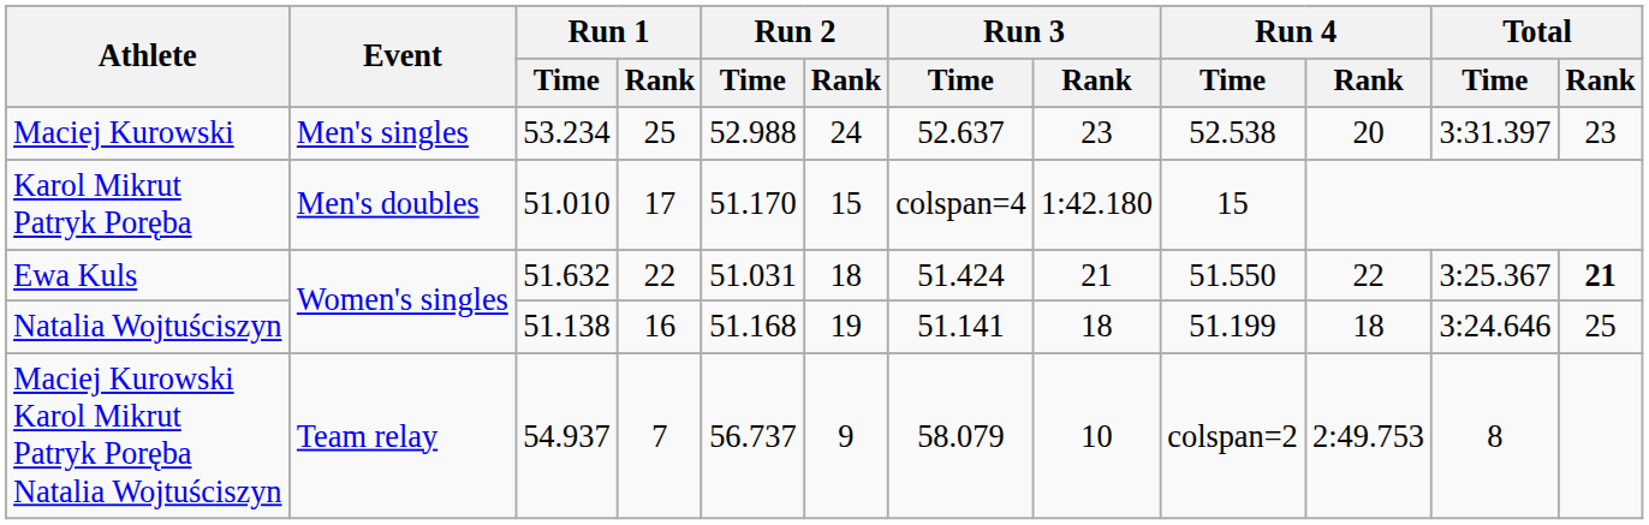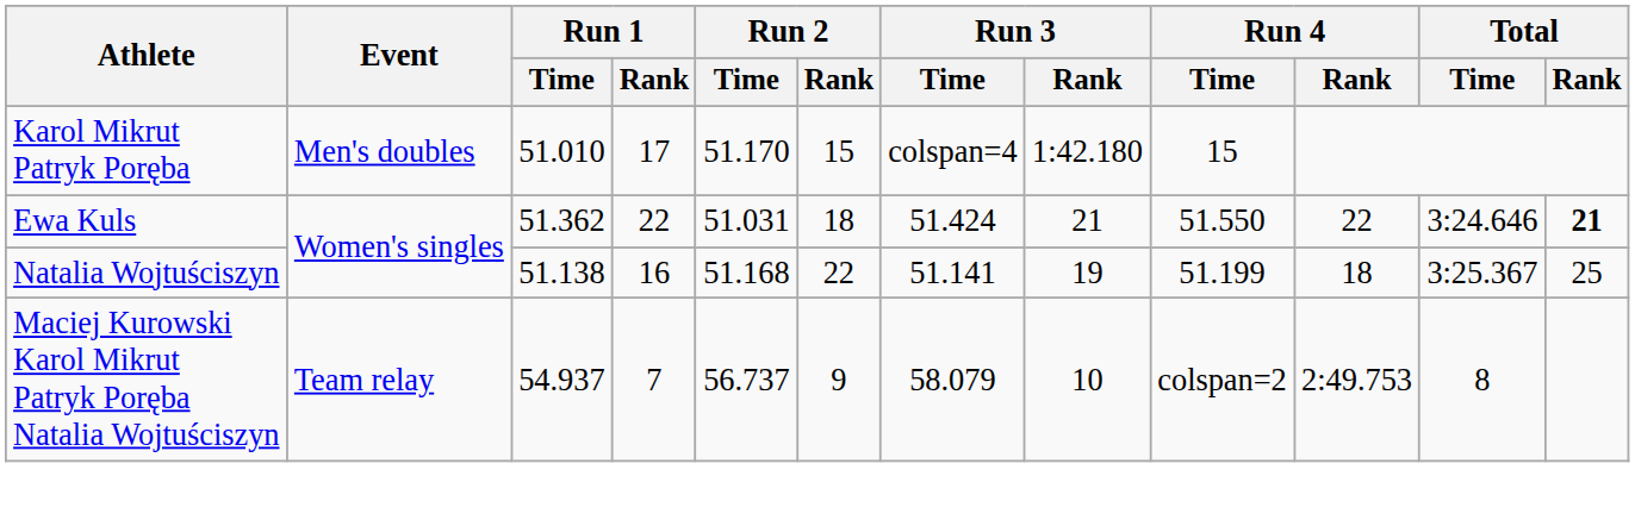 <table class="wikitable" style="font-size:90%">
 <tr>
 <th rowspan="2">Athlete</th>
 <th rowspan="2">Event</th>
 <th colspan=2>Run 1</th>
 <th colspan=2>Run 2</th>
 <th colspan=2>Run 3</th>
 <th colspan=2>Run 4</th>
 <th colspan=2>Total</th>
 </tr>
 <tr style="font-size:95%">
 <th>Time</th>
 <th>Rank</th>
 <th>Time</th>
 <th>Rank</th>
 <th>Time</th>
 <th>Rank</th>
 <th>Time</th>
 <th>Rank</th>
 <th>Time</th>
 <th>Rank</th>
 </tr>
 <tr align=center>
-<td align=left><a href='#'>Maciej Kurowski</a></td>
-<td align=left><a href='#'>Men's singles</a></td>
-<td>53.234</td>
-<td>25</td>
-<td>52.988</td>
-<td>24</td>
-<td>52.637</td>
-<td>23</td>
-<td>52.538</td>
-<td>20</td>
-<td>3:31.397</td>
-<td>23</td>
-</tr>
-<tr align=center>
 <td align=left><a href='#'>Karol Mikrut</a><br><a href='#'>Patryk Poręba</a></td>
 <td align=left><a href='#'>Men's doubles</a></td>
 <td>51.010</td>
 <td>17</td>
 <td>51.170</td>
 <td>15</td>
 <td>colspan=4 </td>
 <td>1:42.180</td>
 <td>15</td>
 </tr>
 <tr align=center>
 <td align=left><a href='#'>Ewa Kuls</a></td>
 <td align=left rowspan=2><a href='#'>Women's singles</a></td>
-<td>51.632</td>
+<td>51.362</td>
 <td>22</td>
 <td>51.031</td>
 <td>18</td>
 <td>51.424</td>
 <td>21</td>
 <td>51.550</td>
 <td>22</td>
-<td>3:25.367</td>
+<td>3:24.646</td>
 <td><strong>21</strong></td>
 </tr>
 <tr align=center>
 <td align=left><a href='#'>Natalia Wojtuściszyn</a></td>
 <td>51.138</td>
 <td>16</td>
 <td>51.168</td>
+<td>22</td>
+<td>51.141</td>
 <td>19</td>
-<td>51.141</td>
-<td>18</td>
 <td>51.199</td>
 <td>18</td>
-<td>3:24.646</td>
+<td>3:25.367</td>
 <td>25</td>
 </tr>
 <tr align=center>
 <td align=left><a href='#'>Maciej Kurowski</a><br><a href='#'>Karol Mikrut</a><br><a href='#'>Patryk Poręba</a><br><a href='#'>Natalia Wojtuściszyn</a></td>
 <td align=left><a href='#'>Team relay</a></td>
 <td>54.937</td>
 <td>7</td>
 <td>56.737</td>
 <td>9</td>
 <td>58.079</td>
 <td>10</td>
 <td>colspan=2 </td>
 <td>2:49.753</td>
 <td>8</td>
 </tr>
 </table>
